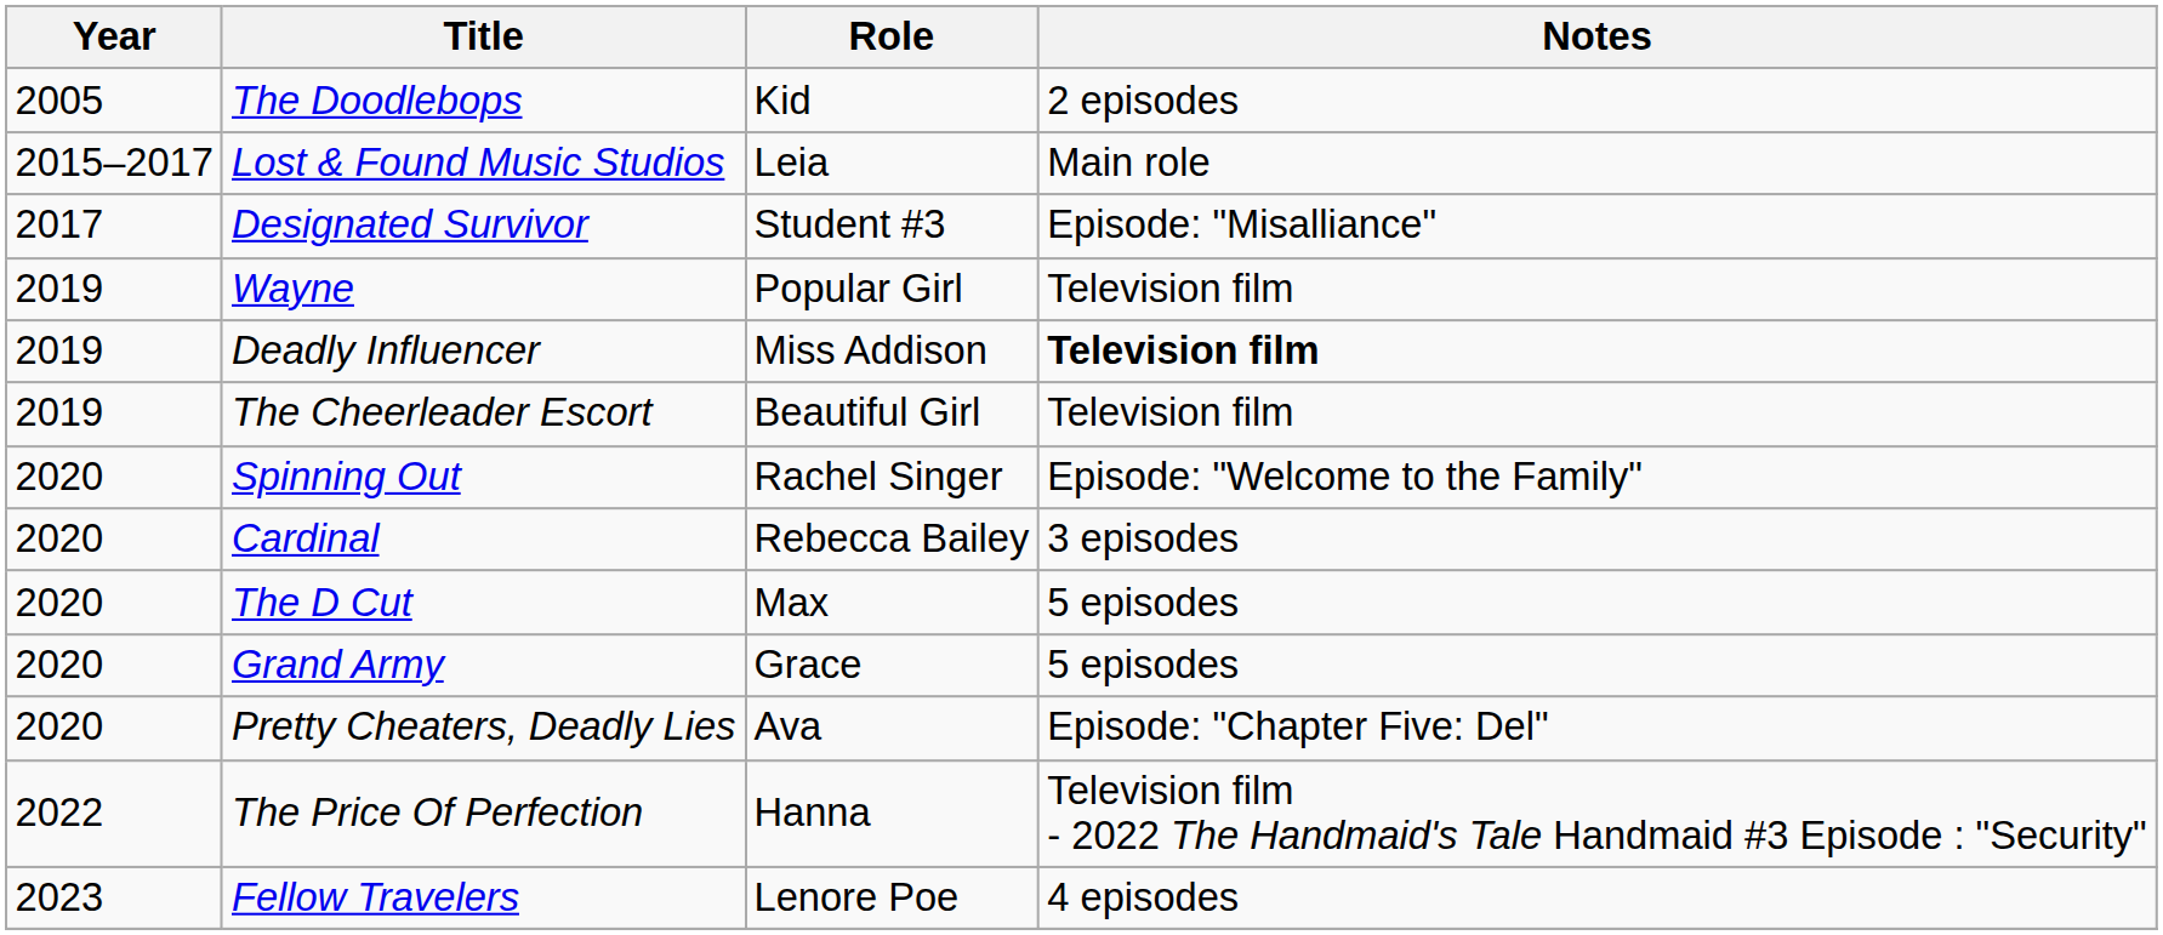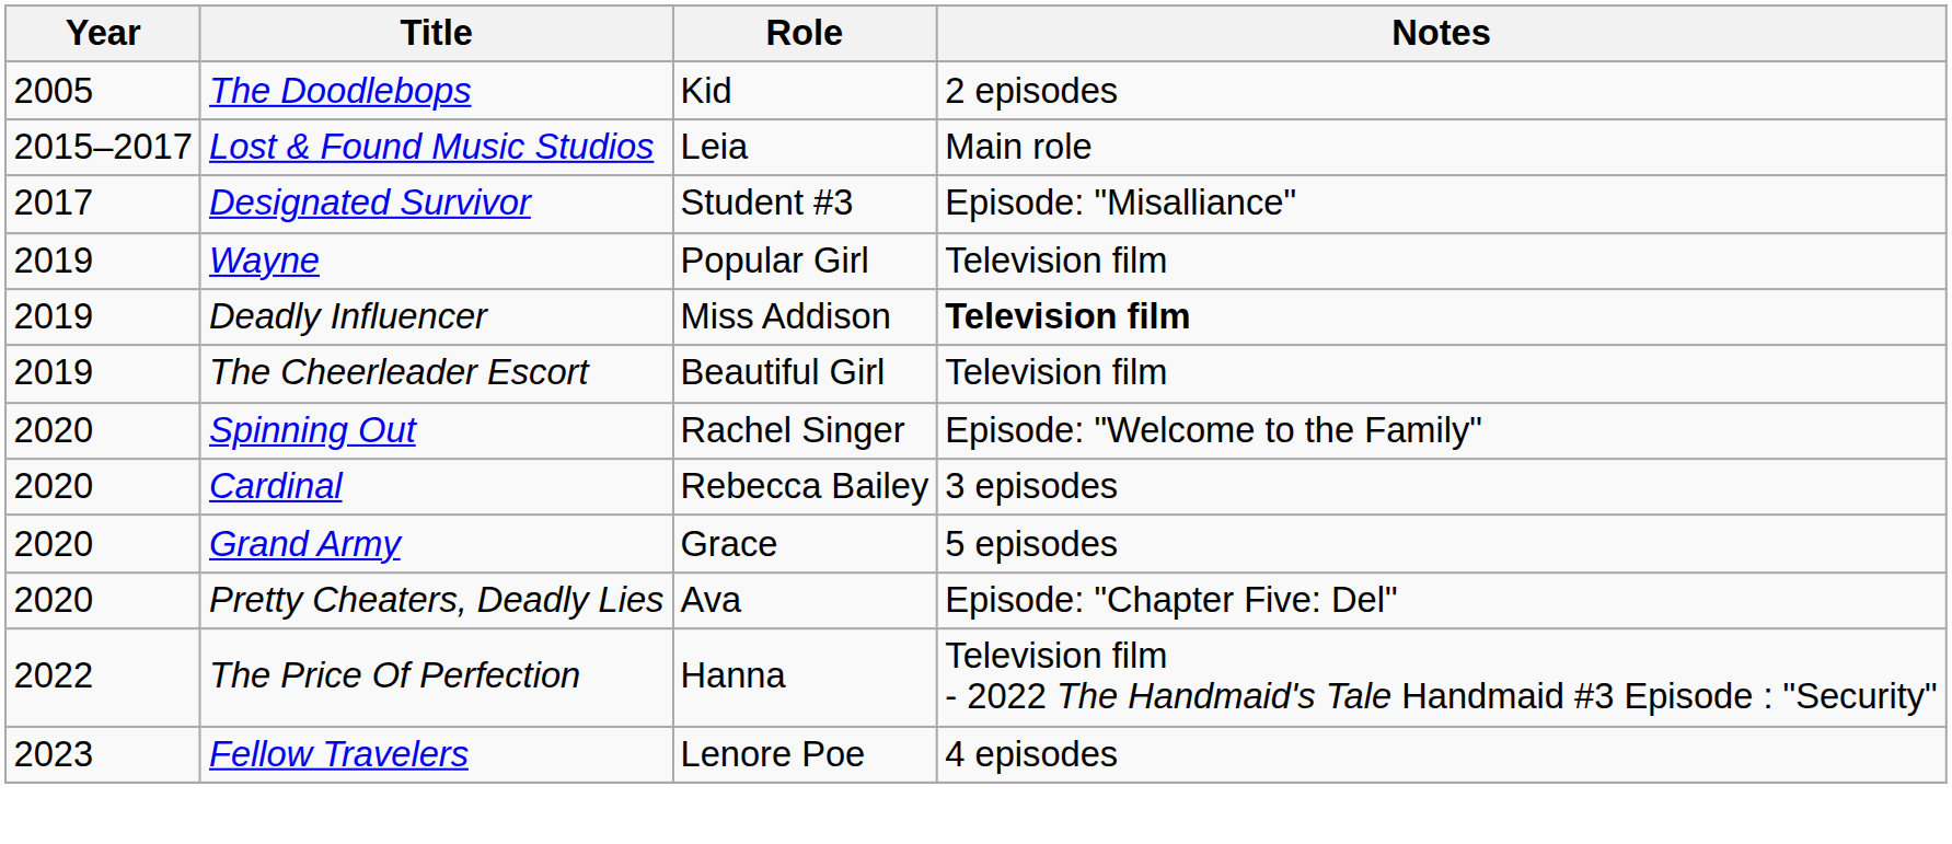 <table class="wikitable plainrowheaders sortable">
 <tr>
 <th scope="col">Year</th>
 <th scope="col">Title</th>
 <th scope="col">Role</th>
 <th scope="col" class="unsortable">Notes</th>
 </tr>
 <tr>
 <td>2005</td>
 <td><em><a href='#'>The Doodlebops</a></em></td>
 <td>Kid</td>
 <td>2 episodes</td>
 </tr>
 <tr>
 <td>2015–2017</td>
 <td><em><a href='#'>Lost & Found Music Studios</a></em></td>
 <td>Leia</td>
 <td>Main role</td>
 </tr>
 <tr>
 <td>2017</td>
 <td><em><a href='#'>Designated Survivor</a></em></td>
 <td>Student #3</td>
 <td>Episode: "Misalliance"</td>
 </tr>
 <tr>
 <td>2019</td>
 <td><em><a href='#'>Wayne</a></em></td>
 <td>Popular Girl</td>
 <td>Television film</td>
 </tr>
 <tr>
 <td>2019</td>
 <td><em>Deadly Influencer</em></td>
 <td>Miss Addison</td>
 <td><strong>Television film</strong></td>
 </tr>
 <tr>
 <td>2019</td>
 <td><em>The Cheerleader Escort</em></td>
 <td>Beautiful Girl</td>
 <td>Television film</td>
 </tr>
 <tr>
 <td>2020</td>
 <td><em><a href='#'>Spinning Out</a></em></td>
 <td>Rachel Singer</td>
 <td>Episode: "Welcome to the Family"</td>
 </tr>
 <tr>
 <td>2020</td>
 <td><em><a href='#'>Cardinal</a></em></td>
 <td>Rebecca Bailey</td>
 <td>3 episodes</td>
 </tr>
 <tr>
 <td>2020</td>
-<td><em><a href='#'>The D Cut</a></em></td>
-<td>Max</td>
-<td>5 episodes</td>
-</tr>
-<tr>
-<td>2020</td>
 <td><em><a href='#'>Grand Army</a></em></td>
 <td>Grace</td>
 <td>5 episodes</td>
 </tr>
 <tr>
 <td>2020</td>
 <td><em>Pretty Cheaters, Deadly Lies</em></td>
 <td>Ava</td>
 <td>Episode: "Chapter Five: Del"</td>
 </tr>
 <tr>
 <td>2022</td>
 <td><em>The Price Of Perfection</em></td>
 <td>Hanna</td>
 <td>Television film<br>- 2022 <em>The Handmaid's Tale</em> Handmaid #3 Episode : "Security"</td>
 </tr>
 <tr>
 <td>2023</td>
 <td><em><a href='#'>Fellow Travelers</a></em></td>
 <td>Lenore Poe</td>
 <td>4 episodes</td>
 </tr>
 <tr>
 </tr>
 </table>
